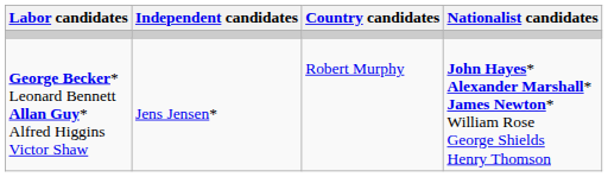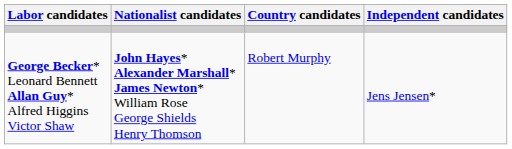 <table class="wikitable">
 <tr>
 <th><a href='#'>Labor</a> candidates</th>
+<th><a href='#'>Nationalist</a> candidates</th>
+<th><a href='#'>Country</a> candidates</th>
 <th><a href='#'>Independent</a> candidates</th>
-<th><a href='#'>Country</a> candidates</th>
-<th><a href='#'>Nationalist</a> candidates</th>
 </tr>
 <tr bgcolor="#cccccc">
 <td></td>
 <td></td>
 <td></td>
 <td></td>
 </tr>
 <tr>
 <td><br><strong><a href='#'>George Becker</a></strong>*<br> Leonard Bennett<br> <strong><a href='#'>Allan Guy</a></strong>*<br> Alfred Higgins<br> <a href='#'>Victor Shaw</a></td>
+<td><br><strong><a href='#'>John Hayes</a></strong>*<br> <strong><a href='#'>Alexander Marshall</a></strong>*<br> <strong><a href='#'>James Newton</a></strong>*<br> William Rose<br> <a href='#'>George Shields</a><br> <a href='#'>Henry Thomson</a></td>
+<td valign=top><br><a href='#'>Robert Murphy</a></td>
 <td><br><a href='#'>Jens Jensen</a>*</td>
-<td valign=top><br><a href='#'>Robert Murphy</a></td>
-<td><br><strong><a href='#'>John Hayes</a></strong>*<br> <strong><a href='#'>Alexander Marshall</a></strong>*<br> <strong><a href='#'>James Newton</a></strong>*<br> William Rose<br> <a href='#'>George Shields</a><br> <a href='#'>Henry Thomson</a></td>
 </tr>
 </table>
